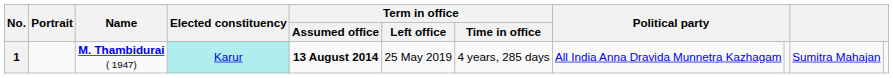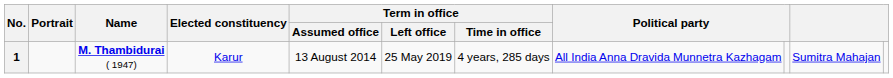 <table class="wikitable" style="text-align:center;">
 <tr>
 <th rowspan=2>No.</th>
 <th rowspan=2>Portrait</th>
 <th rowspan=2>Name<br></th>
 <th rowspan=2>Elected constituency</th>
 <th colspan=3>Term in office</th>
 <th rowspan=2 colspan=2>Political party</th>
 <th rowspan=2 colspan=2><a href='#'></a></th>
 </tr>
 <tr>
 <th>Assumed office</th>
 <th>Left office</th>
 <th>Time in office</th>
 </tr>
 <tr>
 <th>1</th>
 <td></td>
 <td><strong><a href='#'>M.&nbsp;Thambidurai</a></strong><br><small>( 1947)</small></td>
-<td style="background: paleturquoise;"><a href='#'>Karur</a></td>
-<td><strong>13 August 2014</strong></td>
+<td><a href='#'>Karur</a></td>
+<td>13 August 2014</td>
 <td>25 May 2019</td>
 <td>4 years, 285 days</td>
 <td><a href='#'>All India Anna Dravida Munnetra Kazhagam</a></td>
 <td></td>
 <td><a href='#'>Sumitra Mahajan</a></td>
 <td></td>
 </tr>
 </table>
